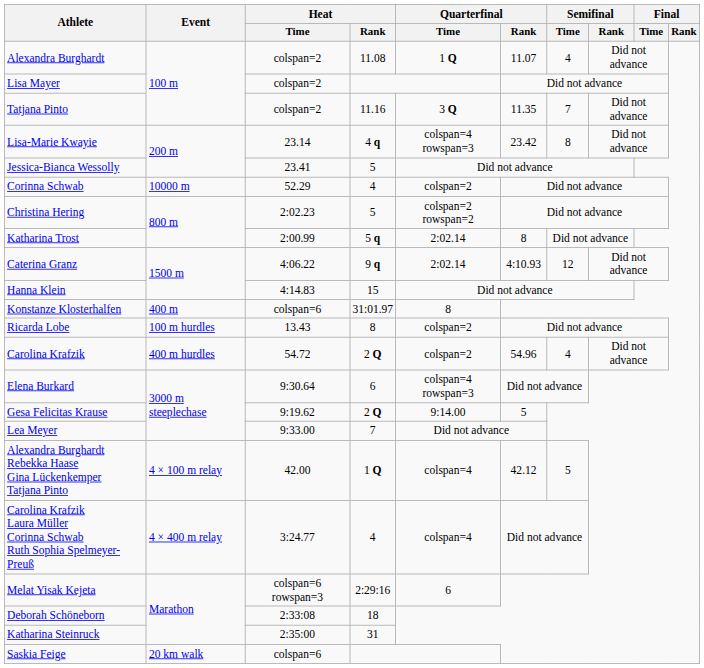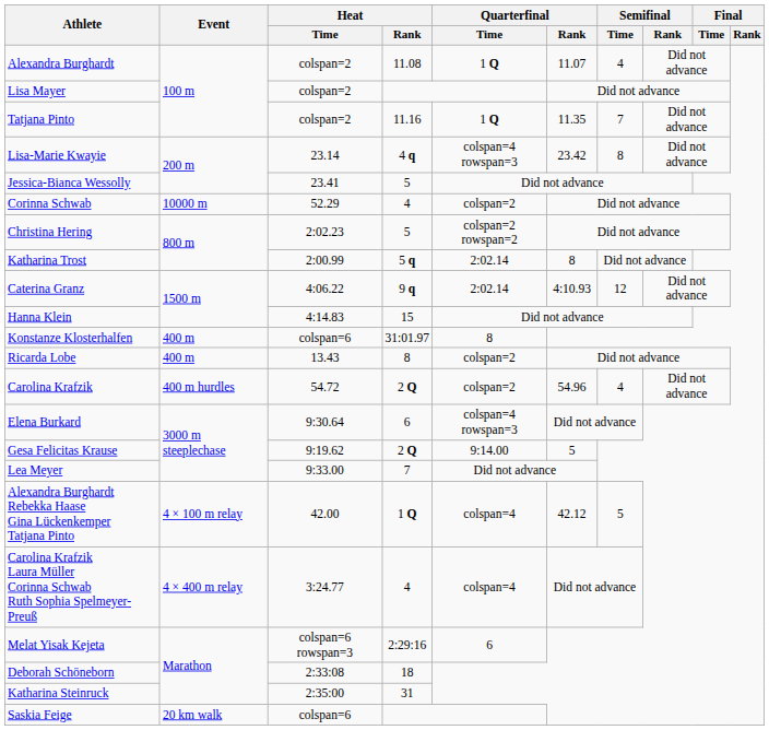 <table class=wikitable style="font-size:90%; text-align:center">
 <tr>
 <th rowspan=2>Athlete</th>
 <th rowspan=2>Event</th>
 <th colspan=2>Heat</th>
 <th colspan=2>Quarterfinal</th>
 <th colspan=2>Semifinal</th>
 <th colspan=2>Final</th>
 </tr>
 <tr style=font-size:95%>
 <th>Time</th>
 <th>Rank</th>
 <th>Time</th>
 <th>Rank</th>
 <th>Time</th>
 <th>Rank</th>
 <th>Time</th>
 <th>Rank</th>
 </tr>
 <tr>
 <td align=left><a href='#'>Alexandra Burghardt</a></td>
 <td rowspan="3" align="left"><a href='#'>100 m</a></td>
 <td>colspan=2 </td>
 <td>11.08</td>
 <td>1 <strong>Q</strong></td>
 <td>11.07</td>
 <td>4</td>
 <td colspan=2>Did not advance</td>
 </tr>
 <tr>
 <td align="left"><a href='#'>Lisa Mayer</a></td>
 <td>colspan=2 </td>
 <td colspan=2></td>
 <td colspan=4>Did not advance</td>
 </tr>
 <tr>
 <td align="left"><a href='#'>Tatjana Pinto</a></td>
 <td>colspan=2 </td>
 <td>11.16</td>
-<td>3 <strong>Q</strong></td>
+<td>1 <strong>Q</strong></td>
 <td>11.35</td>
 <td>7</td>
 <td colspan="2">Did not advance</td>
 </tr>
 <tr>
 <td align="left"><a href='#'>Lisa-Marie Kwayie</a></td>
 <td rowspan="2" align="left"><a href='#'>200 m</a></td>
 <td>23.14</td>
 <td>4 <strong>q</strong></td>
 <td>colspan=4 rowspan=3 </td>
 <td>23.42</td>
 <td>8</td>
 <td colspan=2>Did not advance</td>
 </tr>
 <tr>
 <td align="left"><a href='#'>Jessica-Bianca Wessolly</a></td>
 <td>23.41</td>
 <td>5</td>
 <td colspan="4">Did not advance</td>
 </tr>
 <tr>
 <td align="left"><a href='#'>Corinna Schwab</a></td>
 <td align="left"><a href='#'>10000 m</a></td>
 <td>52.29</td>
 <td>4</td>
 <td>colspan=2 </td>
 <td colspan=4>Did not advance</td>
 </tr>
 <tr>
 <td align="left"><a href='#'>Christina Hering</a></td>
 <td rowspan="2" align="left"><a href='#'>800 m</a></td>
 <td>2:02.23</td>
 <td>5</td>
 <td>colspan=2 rowspan=2 </td>
 <td colspan="4">Did not advance</td>
 </tr>
 <tr>
 <td align="left"><a href='#'>Katharina Trost</a></td>
 <td>2:00.99</td>
 <td>5 <strong>q</strong></td>
 <td>2:02.14</td>
 <td>8</td>
 <td colspan="2">Did not advance</td>
 </tr>
 <tr>
 <td align="left"><a href='#'>Caterina Granz</a></td>
 <td rowspan="2" align="left"><a href='#'>1500 m</a></td>
 <td>4:06.22 <strong></strong></td>
 <td>9 <strong>q</strong></td>
 <td>2:02.14</td>
 <td>4:10.93</td>
 <td>12</td>
 <td colspan=2>Did not advance</td>
 </tr>
 <tr>
 <td align="left"><a href='#'>Hanna Klein</a></td>
 <td>4:14.83</td>
 <td>15</td>
 <td colspan="4">Did not advance</td>
 </tr>
 <tr>
 <td align="left"><a href='#'>Konstanze Klosterhalfen</a></td>
 <td align="left"><a href='#'>400 m</a></td>
 <td>colspan=6 </td>
 <td>31:01.97</td>
 <td>8</td>
 </tr>
 <tr>
 <td align="left"><a href='#'>Ricarda Lobe</a></td>
-<td align="left"><a href='#'>100 m hurdles</a></td>
+<td align="left"><a href='#'>400 m</a></td>
 <td>13.43</td>
 <td>8</td>
 <td>colspan=2 </td>
 <td colspan="4">Did not advance</td>
 </tr>
 <tr>
 <td align="left"><a href='#'>Carolina Krafzik</a></td>
 <td align="left"><a href='#'>400 m hurdles</a></td>
 <td>54.72 <strong></strong></td>
 <td>2 <strong>Q</strong></td>
 <td>colspan=2 </td>
 <td>54.96</td>
 <td>4</td>
 <td colspan=2>Did not advance</td>
 </tr>
 <tr>
 <td align="left"><a href='#'>Elena Burkard</a></td>
 <td rowspan="3" align="left"><a href='#'>3000 m steeplechase</a></td>
 <td>9:30.64</td>
 <td>6</td>
 <td>colspan=4 rowspan=3 </td>
 <td colspan="2">Did not advance</td>
 </tr>
 <tr>
 <td align="left"><a href='#'>Gesa Felicitas Krause</a></td>
 <td>9:19.62</td>
 <td>2 <strong>Q</strong></td>
 <td>9:14.00</td>
 <td>5</td>
 </tr>
 <tr>
 <td align="left"><a href='#'>Lea Meyer</a></td>
 <td>9:33.00</td>
 <td>7</td>
 <td colspan="2">Did not advance</td>
 </tr>
 <tr>
 <td align=left><a href='#'>Alexandra Burghardt</a><br><a href='#'>Rebekka Haase</a><br><a href='#'>Gina Lückenkemper</a><br><a href='#'>Tatjana Pinto</a></td>
 <td align=left><a href='#'>4 × 100 m relay</a></td>
 <td>42.00</td>
 <td>1 <strong>Q</strong></td>
 <td>colspan=4 </td>
 <td>42.12</td>
 <td>5</td>
 </tr>
 <tr>
 <td align=left><a href='#'>Carolina Krafzik</a><br><a href='#'>Laura Müller</a><br><a href='#'>Corinna Schwab</a><br><a href='#'>Ruth Sophia Spelmeyer-Preuß</a></td>
 <td align=left><a href='#'>4 × 400 m relay</a></td>
 <td>3:24.77</td>
 <td>4</td>
 <td>colspan=4 </td>
 <td colspan=2>Did not advance</td>
 </tr>
 <tr>
 <td align="left"><a href='#'>Melat Yisak Kejeta</a></td>
 <td rowspan="3" align="left"><a href='#'>Marathon</a></td>
 <td>colspan=6 rowspan=3 </td>
 <td>2:29:16 <strong></strong></td>
 <td>6</td>
 </tr>
 <tr>
 <td align="left"><a href='#'>Deborah Schöneborn</a></td>
 <td>2:33:08 <strong></strong></td>
 <td>18</td>
 </tr>
 <tr>
 <td align="left"><a href='#'>Katharina Steinruck</a></td>
 <td>2:35:00</td>
 <td>31</td>
 </tr>
 <tr>
 <td align=left><a href='#'>Saskia Feige</a></td>
 <td align=left><a href='#'>20 km walk</a></td>
 <td>colspan=6 </td>
 <td colspan=2></td>
 </tr>
 </table>
